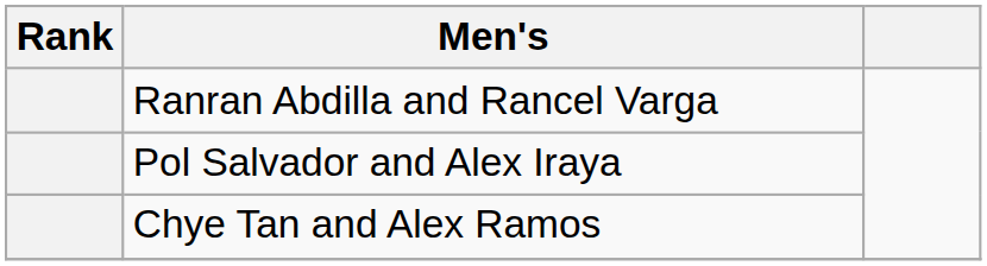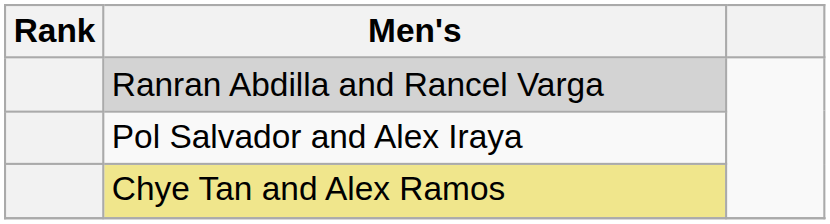 <table class="wikitable" style="text-align: center;">
 <tr>
 <th width=40>Rank</th>
 <th width=290>Men's</th>
 <th width=40></th>
 </tr>
 <tr>
 <th></th>
-<td style="text-align:left;">Ranran Abdilla and Rancel Varga </td>
+<td style="background: lightgrey; text-align:left;">Ranran Abdilla and Rancel Varga </td>
 <td rowspan=3></td>
 </tr>
 <tr>
 <th></th>
 <td style="text-align:left;">Pol Salvador and Alex Iraya </td>
 </tr>
 <tr>
 <th></th>
-<td style="text-align:left;">Chye Tan and Alex Ramos </td>
+<td style="background: khaki; text-align:left;">Chye Tan and Alex Ramos </td>
 </tr>
 <tr>
 </tr>
 </table>
